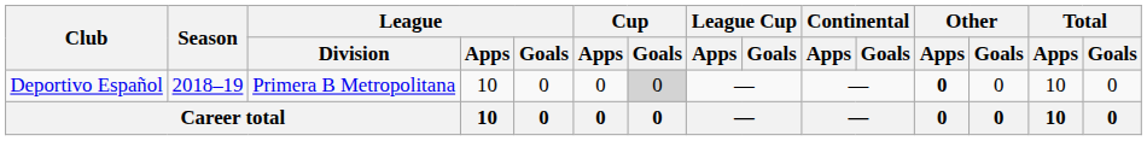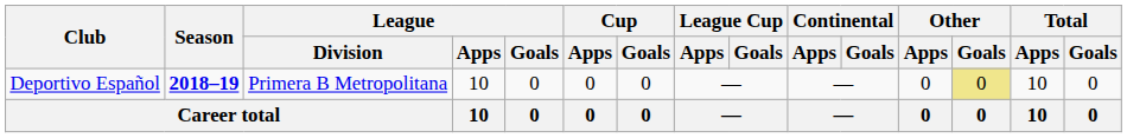 <table class="wikitable" style="text-align:center">
 <tr>
 <th rowspan="2">Club</th>
 <th rowspan="2">Season</th>
 <th colspan="3">League</th>
 <th colspan="2">Cup</th>
 <th colspan="2">League Cup</th>
 <th colspan="2">Continental</th>
 <th colspan="2">Other</th>
 <th colspan="2">Total</th>
 </tr>
 <tr>
 <th>Division</th>
 <th>Apps</th>
 <th>Goals</th>
 <th>Apps</th>
 <th>Goals</th>
 <th>Apps</th>
 <th>Goals</th>
 <th>Apps</th>
 <th>Goals</th>
 <th>Apps</th>
 <th>Goals</th>
 <th>Apps</th>
 <th>Goals</th>
 </tr>
 <tr>
 <td rowspan="1"><a href='#'>Deportivo Español</a></td>
-<td><a href='#'>2018–19</a></td>
+<td><strong><a href='#'>2018–19</a></strong></td>
 <td rowspan="1"><a href='#'>Primera B Metropolitana</a></td>
 <td>10</td>
 <td>0</td>
 <td>0</td>
-<td style="background: lightgrey;">0</td>
+<td>0</td>
 <td colspan="2">—</td>
 <td colspan="2">—</td>
-<td><strong>0</strong></td>
 <td>0</td>
+<td style="background: khaki;">0</td>
 <td>10</td>
 <td>0</td>
 </tr>
 <tr>
 <th colspan="3">Career total</th>
 <th>10</th>
 <th>0</th>
 <th>0</th>
 <th>0</th>
 <th colspan="2">—</th>
 <th colspan="2">—</th>
 <th>0</th>
 <th>0</th>
 <th>10</th>
 <th>0</th>
 </tr>
 </table>
